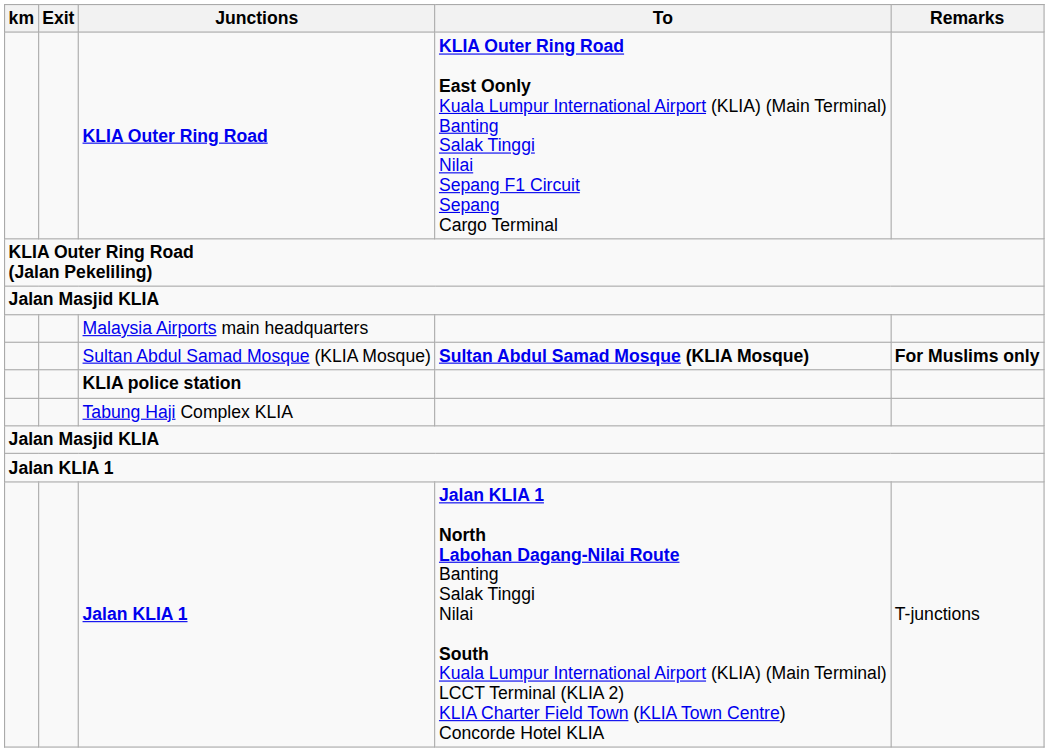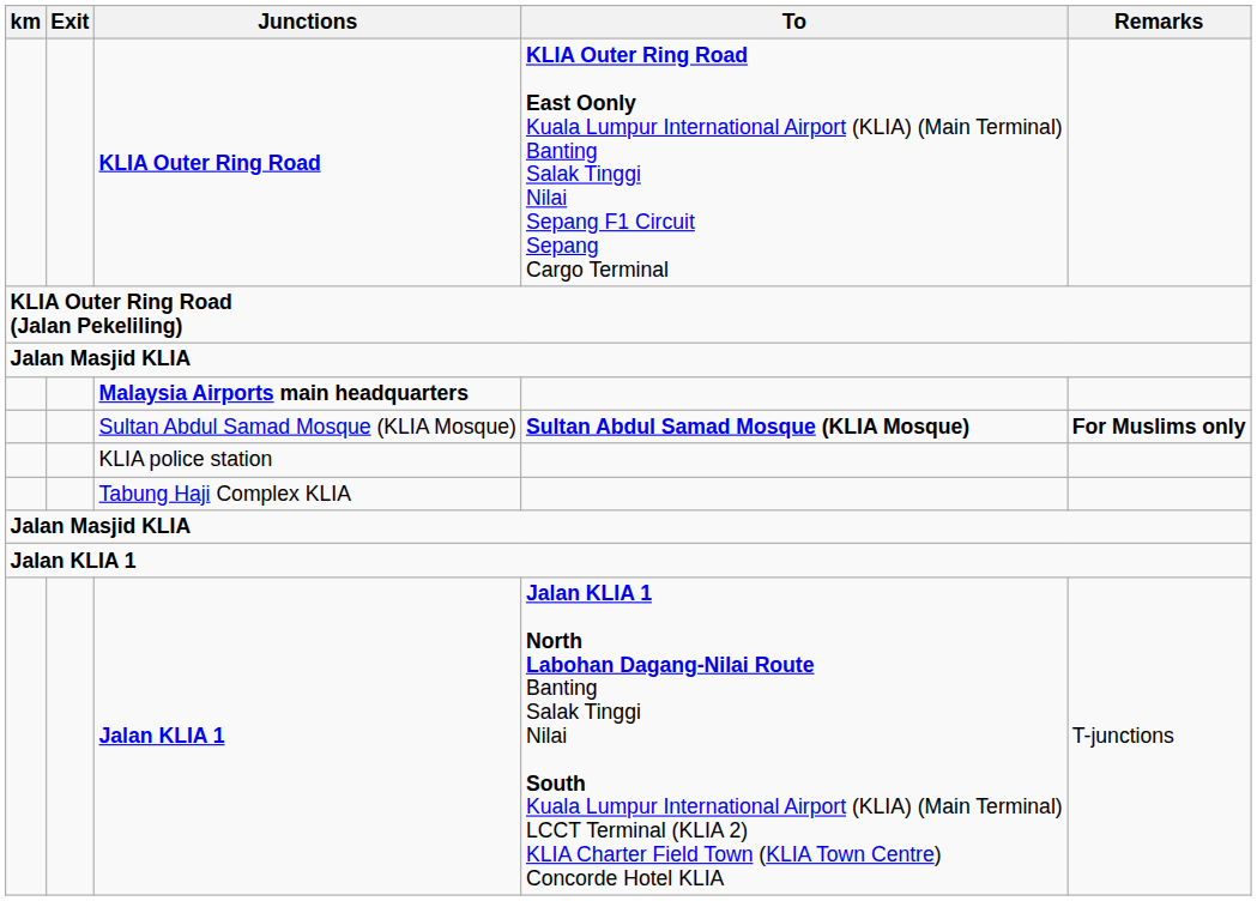 <table class="wikitable">
 <tr>
 <th>km</th>
 <th>Exit</th>
 <th>Junctions</th>
 <th>To</th>
 <th>Remarks</th>
 </tr>
 <tr>
 <td></td>
 <td></td>
 <td> <strong><a href='#'>KLIA Outer Ring Road</a></strong></td>
 <td> <strong><a href='#'>KLIA Outer Ring Road</a></strong><br><br><strong>East Oonly</strong><br><a href='#'>Kuala Lumpur International Airport</a> (KLIA)  (Main Terminal)<br><a href='#'>Banting</a><br><a href='#'>Salak Tinggi</a><br><a href='#'>Nilai</a><br><a href='#'>Sepang F1 Circuit</a><br><a href='#'>Sepang</a><br>Cargo Terminal</td>
 <td></td>
 </tr>
 <tr>
 <td style="width:600px" colspan="6" style="text-align:center; background:blue;"><strong><span> KLIA Outer Ring Road<br>(Jalan Pekeliling)</span></strong></td>
 </tr>
 <tr>
 <td style="width:600px" colspan="6" style="text-align:center; background:blue;"><strong><span> Jalan Masjid KLIA</span></strong></td>
 </tr>
 <tr>
 <td></td>
 <td></td>
-<td><a href='#'>Malaysia Airports</a> main headquarters</td>
+<td><strong><a href='#'>Malaysia Airports</a> main headquarters</strong></td>
 <td></td>
 <td></td>
 </tr>
 <tr>
 <td></td>
 <td></td>
 <td><a href='#'>Sultan Abdul Samad Mosque</a> (KLIA Mosque) </td>
 <td><strong><a href='#'>Sultan Abdul Samad Mosque</a> (KLIA Mosque)</strong> </td>
 <td><strong>For Muslims only</strong></td>
 </tr>
 <tr>
 <td></td>
 <td></td>
-<td><strong>KLIA police station</strong></td>
+<td>KLIA police station</td>
 <td></td>
 <td></td>
 </tr>
 <tr>
 <td></td>
 <td></td>
 <td><a href='#'>Tabung Haji</a> Complex KLIA</td>
 <td></td>
 <td></td>
 </tr>
 <tr>
 <td style="width:600px" colspan="6" style="text-align:center; background:blue;"><strong><span> Jalan Masjid KLIA</span></strong></td>
 </tr>
 <tr>
 <td style="width:600px" colspan="6" style="text-align:center; background:blue;"><strong><span> Jalan KLIA 1</span></strong></td>
 </tr>
 <tr>
 <td></td>
 <td></td>
 <td> <strong><a href='#'>Jalan KLIA 1</a></strong></td>
 <td> <strong><a href='#'>Jalan KLIA 1</a></strong><br><br><strong>North</strong><br> <strong><a href='#'>Labohan Dagang-Nilai Route</a></strong><br>Banting<br>Salak Tinggi<br>Nilai<br><br><strong>South</strong><br><a href='#'>Kuala Lumpur International Airport</a> (KLIA)  (Main Terminal)<br>LCCT Terminal (KLIA 2) <br><a href='#'>KLIA Charter Field Town</a> (<a href='#'>KLIA Town Centre</a>)<br>Concorde Hotel KLIA</td>
 <td>T-junctions</td>
 </tr>
 </table>
